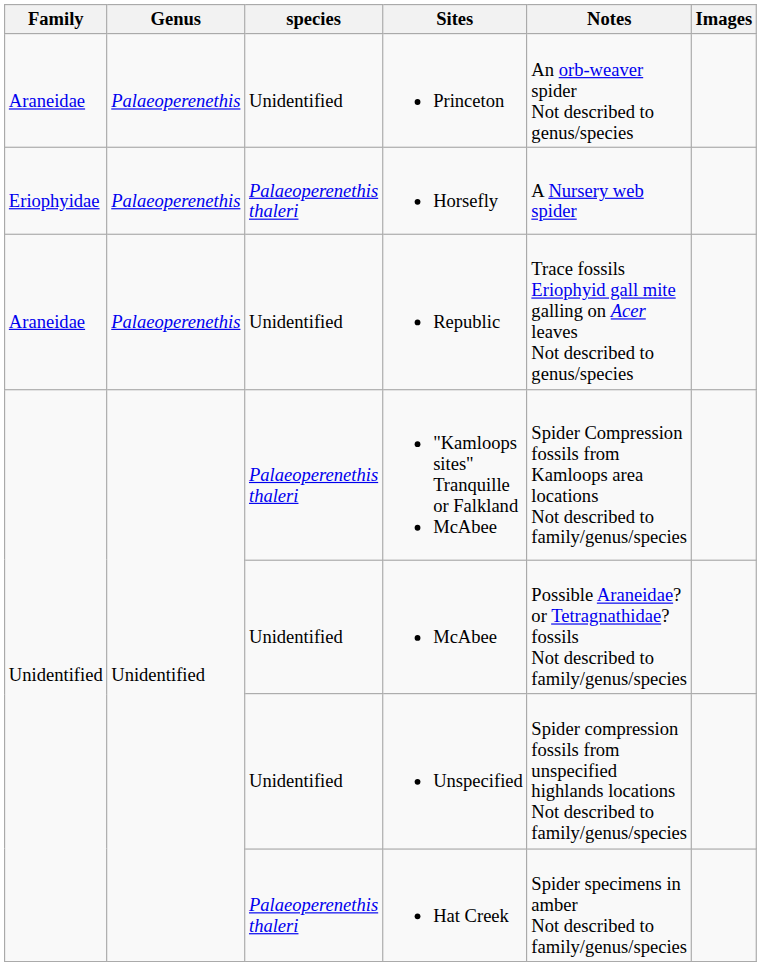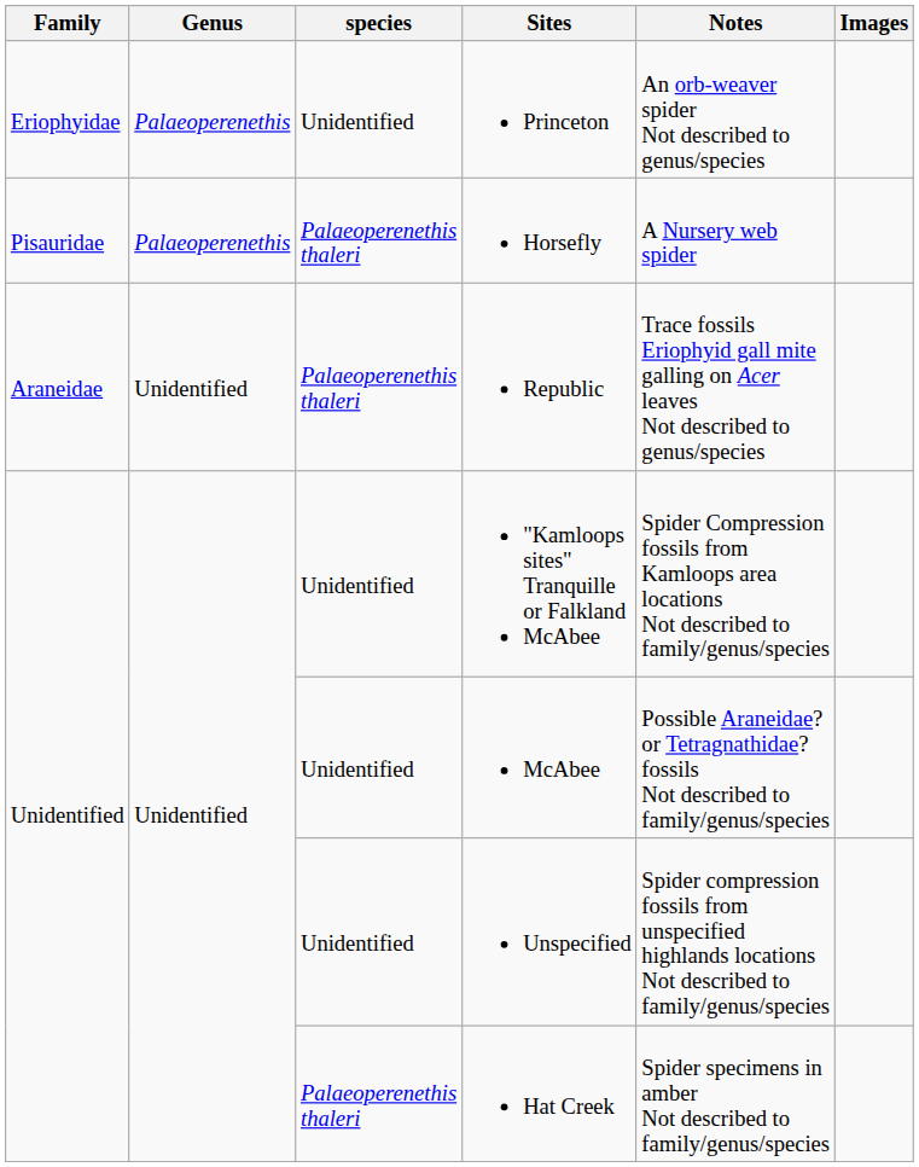 <table class="wikitable sortable"  style="margin:auto; width:100%;">
 <tr>
 <th>Family</th>
 <th>Genus</th>
 <th>species</th>
 <th>Sites</th>
 <th>Notes</th>
 <th>Images</th>
 </tr>
 <tr>
-<td><br><a href='#'>Araneidae</a></td>
+<td><br><a href='#'>Eriophyidae</a></td>
 <td><br><em><a href='#'>Palaeoperenethis</a></em></td>
 <td><br>Unidentified</td>
 <td><br><ul><li>Princeton</li></ul></td>
 <td><br>An <a href='#'>orb-weaver</a> spider<br>Not described to genus/species</td>
 <td></td>
 </tr>
 <tr>
-<td><br><a href='#'>Eriophyidae</a></td>
+<td><br><a href='#'>Pisauridae</a></td>
 <td><br><em><a href='#'>Palaeoperenethis</a></em></td>
 <td><br><em><a href='#'>Palaeoperenethis thaleri</a></em></td>
 <td><br><ul><li>Horsefly</li></ul></td>
 <td><br>A <a href='#'>Nursery web spider</a></td>
 <td></td>
 </tr>
 <tr>
 <td><br><a href='#'>Araneidae</a></td>
-<td><br><em><a href='#'>Palaeoperenethis</a></em></td>
 <td><br>Unidentified</td>
+<td><br><em><a href='#'>Palaeoperenethis thaleri</a></em></td>
 <td><br><ul><li>Republic</li></ul></td>
 <td><br>Trace fossils<br> <a href='#'>Eriophyid gall mite</a> galling on <em><a href='#'>Acer</a></em> leaves<br> Not described to genus/species</td>
 <td></td>
 </tr>
 <tr>
 <td rowspan=4>Unidentified</td>
 <td rowspan=4>Unidentified</td>
-<td><br><em><a href='#'>Palaeoperenethis thaleri</a></em></td>
+<td><br>Unidentified</td>
 <td><br><ul><li>"Kamloops sites"<br> Tranquille or Falkland</li><li>McAbee</li></ul></td>
 <td><br>Spider Compression fossils from Kamloops area locations<br>Not described to family/genus/species</td>
 <td></td>
 </tr>
 <tr>
 <td><br>Unidentified</td>
 <td><br><ul><li>McAbee</li></ul></td>
 <td><br>Possible <a href='#'>Araneidae</a>? or <a href='#'>Tetragnathidae</a>? fossils<br>Not described to family/genus/species</td>
 <td></td>
 </tr>
 <tr>
 <td><br>Unidentified</td>
 <td><br><ul><li>Unspecified</li></ul></td>
 <td><br>Spider compression fossils from unspecified highlands locations<br>Not described to family/genus/species</td>
 <td></td>
 </tr>
 <tr>
 <td><br><em><a href='#'>Palaeoperenethis thaleri</a></em></td>
 <td><br><ul><li>Hat Creek</li></ul></td>
 <td><br>Spider specimens in amber<br>Not described to family/genus/species</td>
 <td></td>
 </tr>
 <tr>
 </tr>
 </table>
